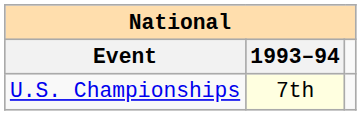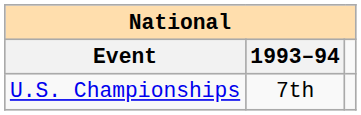 <table class="wikitable" style="text-align:center">
 <tr>
 <th style="background-color: #ffdead; " colspan=3 align=center>National</th>
 </tr>
 <tr>
 <th>Event</th>
 <th>1993–94</th>
 </tr>
 <tr>
 <td align=left><a href='#'>U.S. Championships</a></td>
-<td style="background: lightyellow;">7th</td>
+<td>7th</td>
 <td></td>
 </tr>
 </table>
